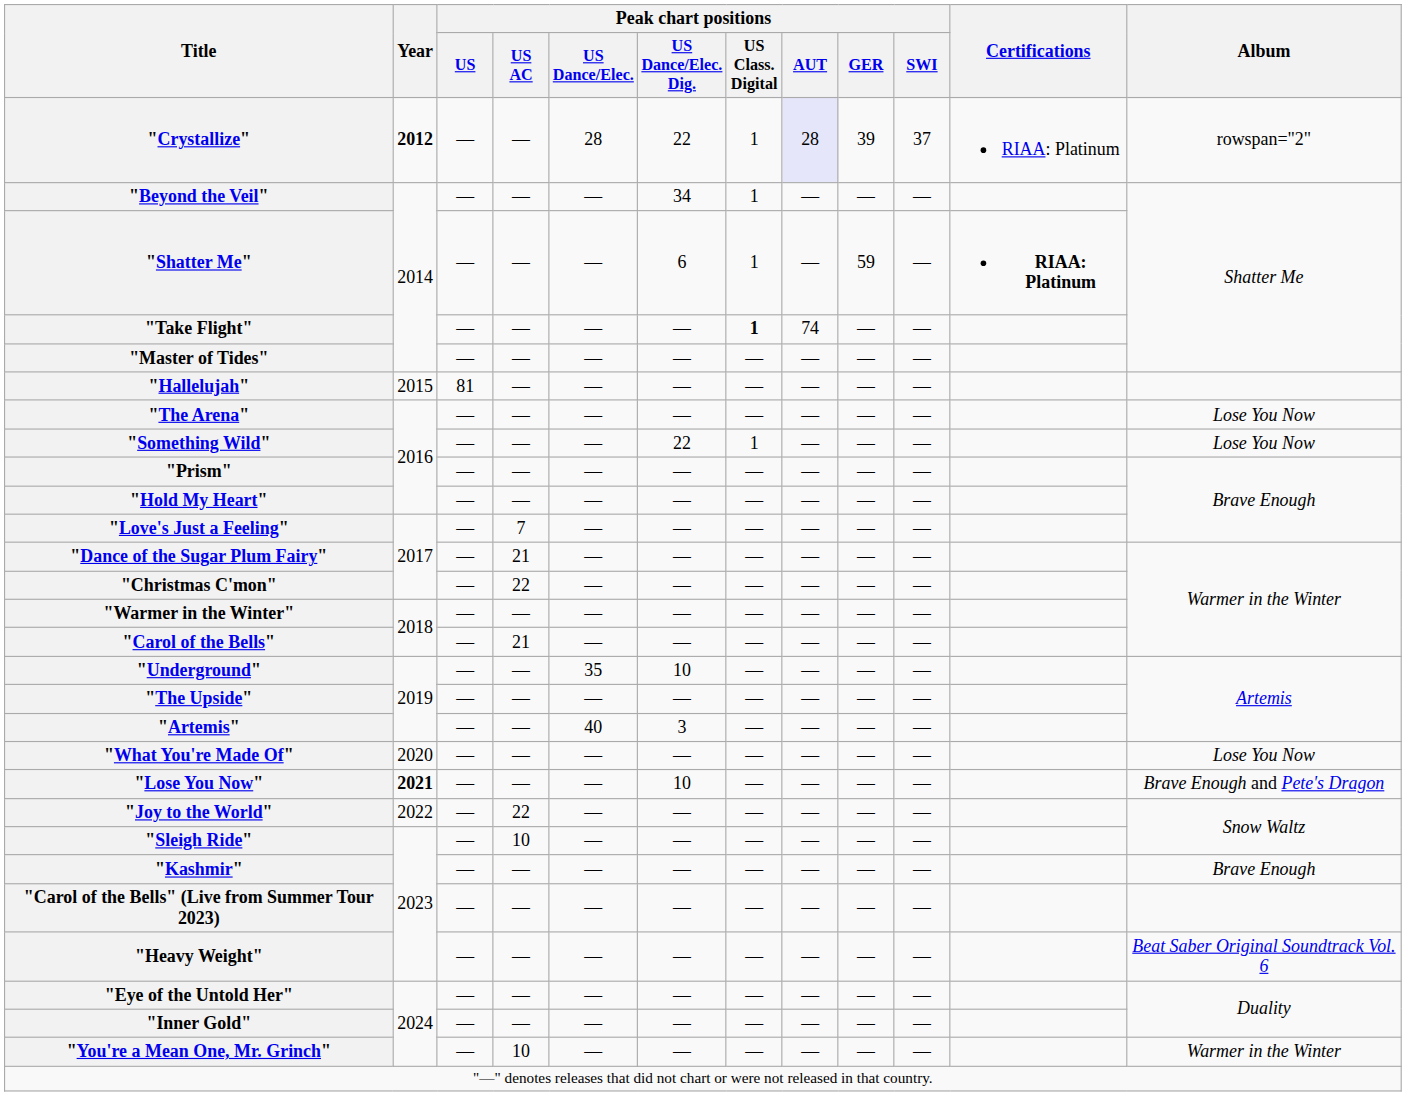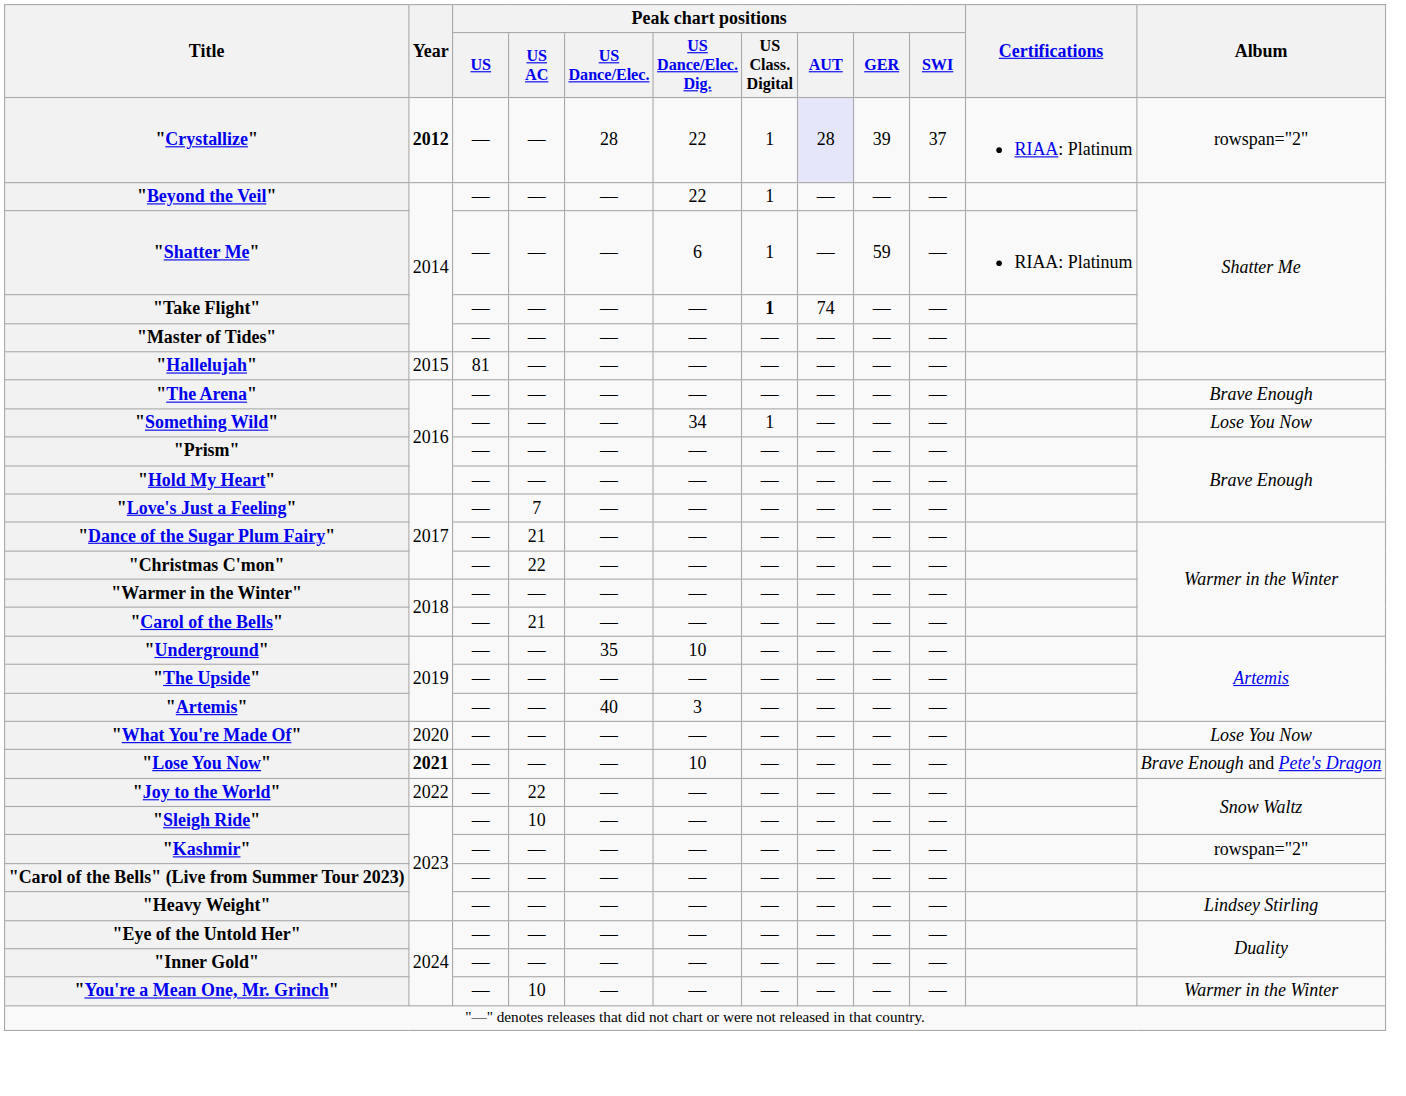 <table class="wikitable plainrowheaders" style="text-align:center;">
 <tr>
 <th scope="col" rowspan="2">Title</th>
 <th scope="col" rowspan="2">Year</th>
 <th scope="col" colspan="8">Peak chart positions</th>
 <th scope="col" rowspan="2"><a href='#'>Certifications</a></th>
 <th scope="col" rowspan="2">Album</th>
 </tr>
 <tr>
 <th scope="col" style="width:3em;font-size:90%;"><a href='#'>US</a><br></th>
 <th scope="col" style="width:3em;font-size:90%;"><a href='#'>US <br>AC</a><br></th>
 <th scope="col" style="width:3em;font-size:90%;"><a href='#'>US <br>Dance/Elec.</a><br></th>
 <th scope="col" style="width:3em;font-size:90%;"><a href='#'>US <br>Dance/Elec. Dig.</a><br></th>
 <th scope="col" style="width:3em;font-size:90%;">US<br>Class.<br>Digital<br></th>
 <th scope="col" style="width:3em;font-size:90%;"><a href='#'>AUT</a><br></th>
 <th scope="col" style="width:3em;font-size:90%;"><a href='#'>GER</a><br></th>
 <th scope="col" style="width:3em;font-size:90%;"><a href='#'>SWI</a><br></th>
 </tr>
 <tr>
 <th scope="row">"<a href='#'>Crystallize</a>"</th>
 <td><strong>2012</strong></td>
 <td>—</td>
 <td>—</td>
 <td>28</td>
 <td>22</td>
 <td>1</td>
 <td style="background: lavender;">28</td>
 <td>39</td>
 <td>37</td>
 <td><br><ul><li><a href='#'>RIAA</a>: Platinum</li></ul></td>
 <td>rowspan="2" </td>
 </tr>
 <tr>
 <th scope="row">"<a href='#'>Beyond the Veil</a>"</th>
 <td rowspan="4">2014</td>
 <td>—</td>
 <td>—</td>
 <td>—</td>
-<td>34</td>
+<td>22</td>
 <td>1</td>
 <td>—</td>
 <td>—</td>
 <td>—</td>
 <td></td>
 <td rowspan="4"><em>Shatter Me</em></td>
 </tr>
 <tr>
 <th scope="row">"<a href='#'>Shatter Me</a>"<br></th>
 <td>—</td>
 <td>—</td>
 <td>—</td>
 <td>6</td>
 <td>1</td>
 <td>—</td>
 <td>59</td>
 <td>—</td>
-<td><strong><br><ul><li>RIAA: Platinum</li></ul></strong></td>
+<td><br><ul><li>RIAA: Platinum</li></ul></td>
 </tr>
 <tr>
 <th scope="row">"Take Flight"</th>
 <td>—</td>
 <td>—</td>
 <td>—</td>
 <td>—</td>
 <td><strong>1</strong></td>
 <td>74</td>
 <td>—</td>
 <td>—</td>
 <td></td>
 </tr>
 <tr>
 <th scope="row">"Master of Tides"</th>
 <td>—</td>
 <td>—</td>
 <td>—</td>
 <td>—</td>
 <td>—</td>
 <td>—</td>
 <td>—</td>
 <td>—</td>
 <td></td>
 </tr>
 <tr>
 <th scope="row">"<a href='#'>Hallelujah</a>"</th>
 <td>2015</td>
 <td>81</td>
 <td>—</td>
 <td>—</td>
 <td>—</td>
 <td>—</td>
 <td>—</td>
 <td>—</td>
 <td>—</td>
 <td></td>
 <td></td>
 </tr>
 <tr>
 <th scope="row">"<a href='#'>The Arena</a>"</th>
 <td rowspan="4">2016</td>
 <td>—</td>
 <td>—</td>
 <td>—</td>
 <td>—</td>
 <td>—</td>
 <td>—</td>
 <td>—</td>
 <td>—</td>
 <td></td>
-<td><em>Lose You Now</em></td>
+<td><em>Brave Enough</em></td>
 </tr>
 <tr>
 <th scope="row">"<a href='#'>Something Wild</a>" </th>
 <td>—</td>
 <td>—</td>
 <td>—</td>
-<td>22</td>
+<td>34</td>
 <td>1</td>
 <td>—</td>
 <td>—</td>
 <td>—</td>
 <td></td>
 <td><em>Lose You Now</em></td>
 </tr>
 <tr>
 <th scope="row">"Prism"</th>
 <td>—</td>
 <td>—</td>
 <td>—</td>
 <td>—</td>
 <td>—</td>
 <td>—</td>
 <td>—</td>
 <td>—</td>
 <td></td>
 <td rowspan="3"><em>Brave Enough</em></td>
 </tr>
 <tr>
 <th scope="row">"<a href='#'>Hold My Heart</a>" </th>
 <td>—</td>
 <td>—</td>
 <td>—</td>
 <td>—</td>
 <td>—</td>
 <td>—</td>
 <td>—</td>
 <td>—</td>
 <td></td>
 </tr>
 <tr>
 <th scope="row">"<a href='#'>Love's Just a Feeling</a>" </th>
 <td rowspan="3">2017</td>
 <td>—</td>
 <td>7</td>
 <td>—</td>
 <td>—</td>
 <td>—</td>
 <td>—</td>
 <td>—</td>
 <td>—</td>
 <td></td>
 </tr>
 <tr>
 <th scope="row">"<a href='#'>Dance of the Sugar Plum Fairy</a>"</th>
 <td>—</td>
 <td>21</td>
 <td>—</td>
 <td>—</td>
 <td>—</td>
 <td>—</td>
 <td>—</td>
 <td>—</td>
 <td></td>
 <td rowspan="4"><em>Warmer in the Winter</em></td>
 </tr>
 <tr>
 <th scope="row">"Christmas C'mon" </th>
 <td>—</td>
 <td>22</td>
 <td>—</td>
 <td>—</td>
 <td>—</td>
 <td>—</td>
 <td>—</td>
 <td>—</td>
 <td></td>
 </tr>
 <tr>
 <th scope="row">"Warmer in the Winter" </th>
 <td rowspan="2">2018</td>
 <td>—</td>
 <td>—</td>
 <td>—</td>
 <td>—</td>
 <td>—</td>
 <td>—</td>
 <td>—</td>
 <td>—</td>
 <td></td>
 </tr>
 <tr>
 <th scope="row">"<a href='#'>Carol of the Bells</a>"</th>
 <td>—</td>
 <td>21</td>
 <td>—</td>
 <td>—</td>
 <td>—</td>
 <td>—</td>
 <td>—</td>
 <td>—</td>
 <td></td>
 </tr>
 <tr>
 <th scope="row">"<a href='#'>Underground</a>"</th>
 <td rowspan="3">2019</td>
 <td>—</td>
 <td>—</td>
 <td>35</td>
 <td>10</td>
 <td>—</td>
 <td>—</td>
 <td>—</td>
 <td>—</td>
 <td></td>
 <td rowspan="3"><em><a href='#'>Artemis</a></em></td>
 </tr>
 <tr>
 <th scope="row">"<a href='#'>The Upside</a>" </th>
 <td>—</td>
 <td>—</td>
 <td>—</td>
 <td>—</td>
 <td>—</td>
 <td>—</td>
 <td>—</td>
 <td>—</td>
 <td></td>
 </tr>
 <tr>
 <th scope="row">"<a href='#'>Artemis</a>"</th>
 <td>—</td>
 <td>—</td>
 <td>40</td>
 <td>3</td>
 <td>—</td>
 <td>—</td>
 <td>—</td>
 <td>—</td>
 <td></td>
 </tr>
 <tr>
 <th scope="row">"<a href='#'>What You're Made Of</a>" </th>
 <td>2020</td>
 <td>—</td>
 <td>—</td>
 <td>—</td>
 <td>—</td>
 <td>—</td>
 <td>—</td>
 <td>—</td>
 <td>—</td>
 <td></td>
 <td><em>Lose You Now</em></td>
 </tr>
 <tr>
 <th scope="row">"<a href='#'>Lose You Now</a>"</th>
 <td><strong>2021</strong></td>
 <td>—</td>
 <td>—</td>
 <td>—</td>
 <td>10</td>
 <td>—</td>
 <td>—</td>
 <td>—</td>
 <td>—</td>
 <td></td>
 <td><em>Brave Enough</em> and <em><a href='#'>Pete's Dragon</a></em></td>
 </tr>
 <tr>
 <th scope="row">"<a href='#'>Joy to the World</a>"</th>
 <td>2022</td>
 <td>—</td>
 <td>22</td>
 <td>—</td>
 <td>—</td>
 <td>—</td>
 <td>—</td>
 <td>—</td>
 <td>—</td>
 <td></td>
 <td rowspan="2"><em>Snow Waltz</em></td>
 </tr>
 <tr>
 <th scope="row">"<a href='#'>Sleigh Ride</a>"</th>
 <td rowspan="4">2023</td>
 <td>—</td>
 <td>10</td>
 <td>—</td>
 <td>—</td>
 <td>—</td>
 <td>—</td>
 <td>—</td>
 <td>—</td>
 <td></td>
 </tr>
 <tr>
 <th scope="row">"<a href='#'>Kashmir</a>"</th>
 <td>—</td>
 <td>—</td>
 <td>—</td>
 <td>—</td>
 <td>—</td>
 <td>—</td>
 <td>—</td>
 <td>—</td>
 <td></td>
-<td><em>Brave Enough</em></td>
+<td>rowspan="2" </td>
 </tr>
 <tr>
 <th scope="row">"Carol of the Bells" (Live from Summer Tour 2023)</th>
 <td>—</td>
 <td>—</td>
 <td>—</td>
 <td>—</td>
 <td>—</td>
 <td>—</td>
 <td>—</td>
 <td>—</td>
 <td></td>
 </tr>
 <tr>
 <th scope="row">"Heavy Weight"</th>
 <td>—</td>
 <td>—</td>
 <td>—</td>
 <td>—</td>
 <td>—</td>
 <td>—</td>
 <td>—</td>
 <td>—</td>
 <td></td>
-<td><em><a href='#'>Beat Saber Original Soundtrack Vol. 6</a></em></td>
+<td><em>Lindsey Stirling</em></td>
 </tr>
 <tr>
 <th scope="row">"Eye of the Untold Her"</th>
 <td rowspan="3">2024</td>
 <td>—</td>
 <td>—</td>
 <td>—</td>
 <td>—</td>
 <td>—</td>
 <td>—</td>
 <td>—</td>
 <td>—</td>
 <td></td>
 <td rowspan="2"><em>Duality</em></td>
 </tr>
 <tr>
 <th scope="row">"Inner Gold" </th>
 <td>—</td>
 <td>—</td>
 <td>—</td>
 <td>—</td>
 <td>—</td>
 <td>—</td>
 <td>—</td>
 <td>—</td>
 <td></td>
 </tr>
 <tr>
 <th scope="row">"<a href='#'>You're a Mean One, Mr. Grinch</a>"<br></th>
 <td>—</td>
 <td>10</td>
 <td>—</td>
 <td>—</td>
 <td>—</td>
 <td>—</td>
 <td>—</td>
 <td>—</td>
 <td></td>
 <td><em>Warmer in the Winter</em></td>
 </tr>
 <tr>
 <td colspan="12" style="font-size:85%">"—" denotes releases that did not chart or were not released in that country.</td>
 </tr>
 </table>
